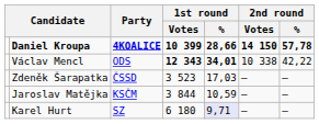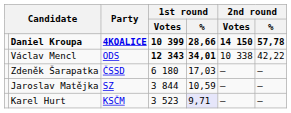 <table class="wikitable sortable">
 <tr>
 <th colspan="2" rowspan="2">Candidate</th>
 <th rowspan="2">Party</th>
 <th colspan="2">1st round</th>
 <th colspan="2">2nd round</th>
 </tr>
 <tr>
 <th>Votes</th>
 <th>%</th>
 <th>Votes</th>
 <th>%</th>
 </tr>
 <tr>
 <td style="background-color:"></td>
 <td><strong>Daniel Kroupa</strong></td>
 <td><a href='#'><strong>4KOALICE</strong></a></td>
 <td><strong>10 399</strong></td>
 <td><strong>28,66</strong></td>
 <td><strong>14 150</strong></td>
 <td><strong>57,78</strong></td>
 </tr>
 <tr>
 <td style="background-color:"></td>
 <td>Václav Mencl</td>
 <td><a href='#'>ODS</a></td>
 <td><strong>12 343</strong></td>
 <td><strong>34,01</strong></td>
 <td>10 338</td>
 <td>42,22</td>
 </tr>
 <tr>
 <td style="background-color:"></td>
 <td>Zdeněk Šarapatka</td>
 <td><a href='#'>ČSSD</a></td>
-<td>3 523</td>
+<td>6 180</td>
 <td>17,03</td>
 <td>—</td>
 <td>—</td>
 </tr>
 <tr>
 <td style="background-color:"></td>
 <td>Jaroslav Matějka</td>
-<td><a href='#'>KSČM</a></td>
+<td><a href='#'>SZ</a></td>
 <td>3 844</td>
 <td>10,59</td>
 <td>—</td>
 <td>—</td>
 </tr>
 <tr>
 <td style="background-color:"></td>
 <td>Karel Hurt</td>
-<td><a href='#'>SZ</a></td>
-<td>6 180</td>
+<td><a href='#'>KSČM</a></td>
+<td>3 523</td>
 <td style="background: lavender;">9,71</td>
 <td>—</td>
 <td>—</td>
 </tr>
 </table>
